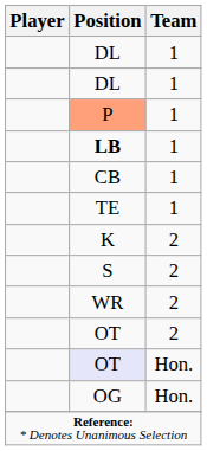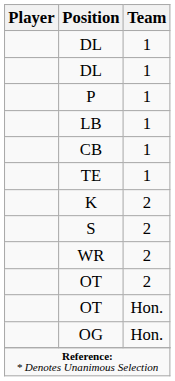 <table class="wikitable sortable sortable" style="text-align: center">
 <tr align=center>
 <th>Player</th>
 <th>Position</th>
 <th>Team</th>
 </tr>
 <tr>
 <td></td>
 <td>DL</td>
 <td>1</td>
 </tr>
 <tr>
 <td></td>
 <td>DL</td>
 <td>1</td>
 </tr>
 <tr>
 <td></td>
-<td style="background: lightsalmon;">P</td>
+<td>P</td>
 <td>1</td>
 </tr>
 <tr>
 <td></td>
-<td><strong>LB</strong></td>
+<td>LB</td>
 <td>1</td>
 </tr>
 <tr>
 <td></td>
 <td>CB</td>
 <td>1</td>
 </tr>
 <tr>
 <td></td>
 <td>TE</td>
 <td>1</td>
 </tr>
 <tr>
 <td></td>
 <td>K</td>
 <td>2</td>
 </tr>
 <tr>
 <td></td>
 <td>S</td>
 <td>2</td>
 </tr>
 <tr>
 <td></td>
 <td>WR</td>
 <td>2</td>
 </tr>
 <tr>
 <td></td>
 <td>OT</td>
 <td>2</td>
 </tr>
 <tr>
 <td></td>
-<td style="background: lavender;">OT</td>
+<td>OT</td>
 <td data-sort-value="4">Hon.</td>
 </tr>
 <tr>
 <td></td>
 <td>OG</td>
 <td data-sort-value="4">Hon.</td>
 </tr>
 <tr>
 </tr>
 <tr class="sortbottom">
 <td colspan="4"  style="font-size:8pt; text-align:center;"><strong>Reference:</strong> <br> <em>* Denotes Unanimous Selection</em></td>
 </tr>
 </table>
